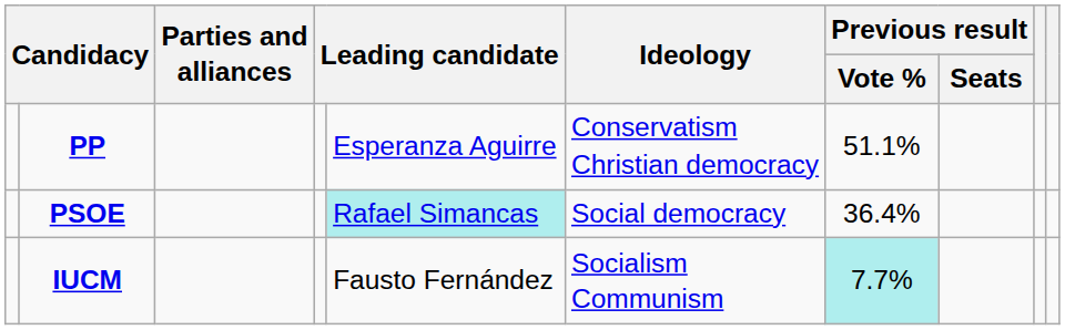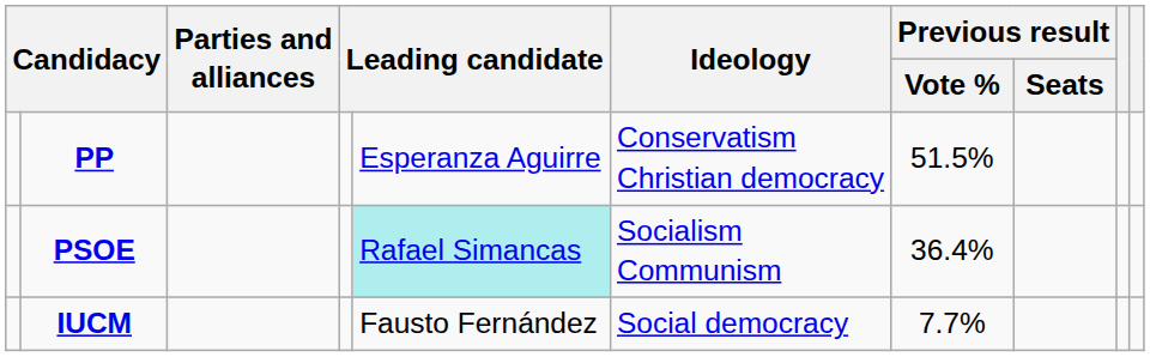 <table class="wikitable" style="line-height:1.35em; text-align:left;">
 <tr>
 <th colspan="2" rowspan="2">Candidacy</th>
 <th rowspan="2">Parties and<br>alliances</th>
 <th colspan="2" rowspan="2">Leading candidate</th>
 <th rowspan="2">Ideology</th>
 <th colspan="2">Previous result</th>
 <th rowspan="2"></th>
 <th rowspan="2"></th>
 </tr>
 <tr>
 <th>Vote %</th>
 <th>Seats</th>
 </tr>
 <tr>
 <td width="1" style="color:inherit;background:"></td>
 <td align="center"><strong><a href='#'>PP</a></strong></td>
 <td></td>
 <td></td>
 <td><a href='#'>Esperanza Aguirre</a></td>
 <td><a href='#'>Conservatism</a><br><a href='#'>Christian democracy</a></td>
-<td align="center">51.1%</td>
+<td align="center">51.5%</td>
 <td></td>
 <td></td>
 <td></td>
 </tr>
 <tr>
 <td style="color:inherit;background:"></td>
 <td align="center"><strong><a href='#'>PSOE</a></strong></td>
 <td></td>
 <td></td>
 <td style="background: paleturquoise;"><a href='#'>Rafael Simancas</a></td>
-<td><a href='#'>Social democracy</a></td>
+<td><a href='#'>Socialism</a><br><a href='#'>Communism</a></td>
 <td align="center">36.4%</td>
 <td></td>
 <td></td>
 <td></td>
 </tr>
 <tr>
 <td style="color:inherit;background:"></td>
 <td align="center"><strong><a href='#'>IUCM</a></strong></td>
 <td></td>
 <td></td>
 <td>Fausto Fernández</td>
-<td><a href='#'>Socialism</a><br><a href='#'>Communism</a></td>
-<td align="center" style="background: paleturquoise;">7.7%</td>
+<td><a href='#'>Social democracy</a></td>
+<td align="center">7.7%</td>
 <td></td>
 <td></td>
 <td></td>
 </tr>
 </table>
